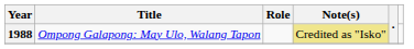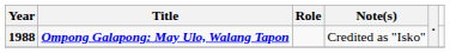 <table class="wikitable plainrowheaders sortable">
 <tr>
 <th scope="col">Year</th>
 <th scope="col">Title</th>
 <th scope="col" class="unsortable">Role</th>
 <th scope="col" class="unsortable">Note(s)</th>
 <th rowspan="2" scope="col" class="unsortable">.</th>
 </tr>
 <tr>
 <th scope="row">1988</th>
-<td><em><a href='#'>Ompong Galapong: May Ulo, Walang Tapon</a></em></td>
+<td><strong><em><a href='#'>Ompong Galapong: May Ulo, Walang Tapon</a></em></strong></td>
 <td></td>
-<td style="background: khaki;">Credited as "Isko"</td>
+<td>Credited as "Isko"</td>
 <td></td>
 </tr>
 <tr>
 </tr>
 </table>
